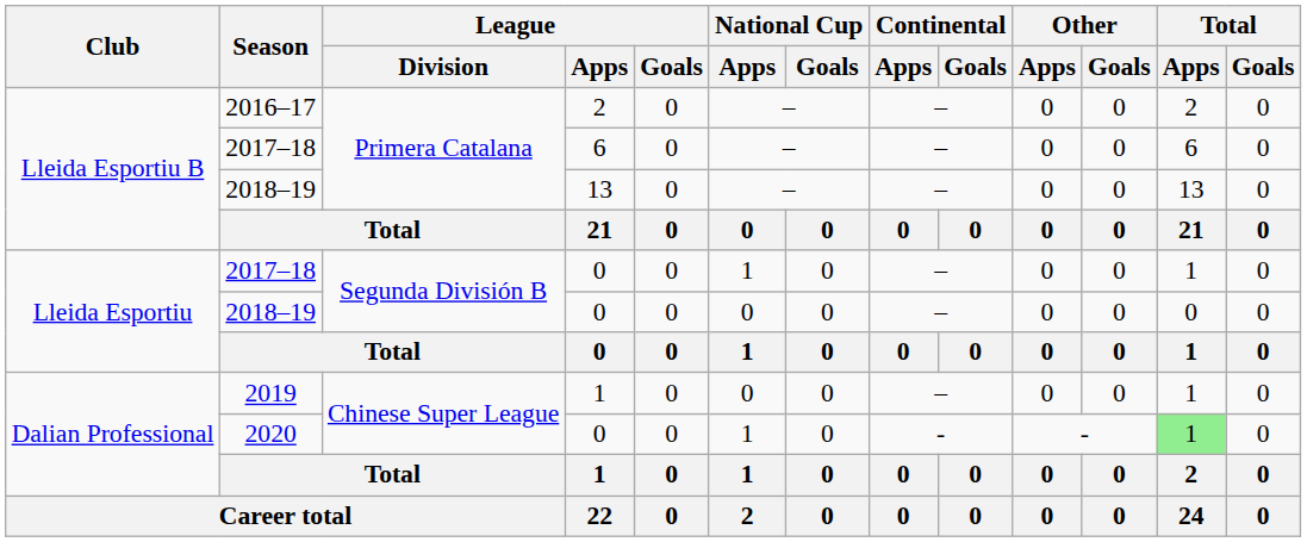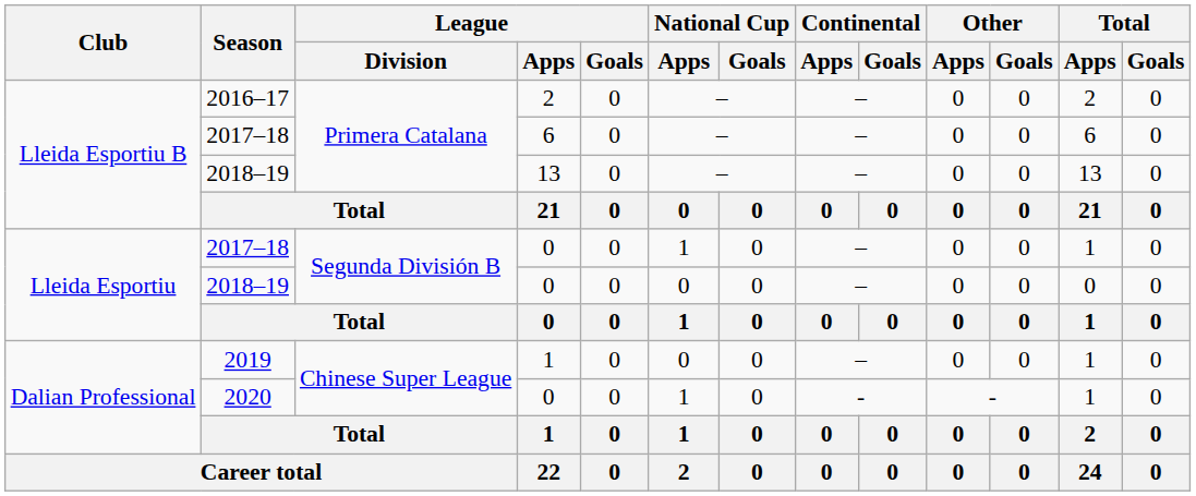 <table class="wikitable" style="text-align: center">
 <tr>
 <th rowspan="2">Club</th>
 <th rowspan="2">Season</th>
 <th colspan="3">League</th>
 <th colspan="2">National Cup</th>
 <th colspan="2">Continental</th>
 <th colspan="2">Other</th>
 <th colspan="2">Total</th>
 </tr>
 <tr>
 <th>Division</th>
 <th>Apps</th>
 <th>Goals</th>
 <th>Apps</th>
 <th>Goals</th>
 <th>Apps</th>
 <th>Goals</th>
 <th>Apps</th>
 <th>Goals</th>
 <th>Apps</th>
 <th>Goals</th>
 </tr>
 <tr>
 <td rowspan="4"><a href='#'>Lleida Esportiu B</a></td>
 <td>2016–17</td>
 <td rowspan="3"><a href='#'>Primera Catalana</a></td>
 <td>2</td>
 <td>0</td>
 <td colspan="2">–</td>
 <td colspan="2">–</td>
 <td>0</td>
 <td>0</td>
 <td>2</td>
 <td>0</td>
 </tr>
 <tr>
 <td>2017–18</td>
 <td>6</td>
 <td>0</td>
 <td colspan="2">–</td>
 <td colspan="2">–</td>
 <td>0</td>
 <td>0</td>
 <td>6</td>
 <td>0</td>
 </tr>
 <tr>
 <td>2018–19</td>
 <td>13</td>
 <td>0</td>
 <td colspan="2">–</td>
 <td colspan="2">–</td>
 <td>0</td>
 <td>0</td>
 <td>13</td>
 <td>0</td>
 </tr>
 <tr>
 <th colspan=2>Total</th>
 <th>21</th>
 <th>0</th>
 <th>0</th>
 <th>0</th>
 <th>0</th>
 <th>0</th>
 <th>0</th>
 <th>0</th>
 <th>21</th>
 <th>0</th>
 </tr>
 <tr>
 <td rowspan="3"><a href='#'>Lleida Esportiu</a></td>
 <td><a href='#'>2017–18</a></td>
 <td rowspan="2"><a href='#'>Segunda División B</a></td>
 <td>0</td>
 <td>0</td>
 <td>1</td>
 <td>0</td>
 <td colspan="2">–</td>
 <td>0</td>
 <td>0</td>
 <td>1</td>
 <td>0</td>
 </tr>
 <tr>
 <td><a href='#'>2018–19</a></td>
 <td>0</td>
 <td>0</td>
 <td>0</td>
 <td>0</td>
 <td colspan="2">–</td>
 <td>0</td>
 <td>0</td>
 <td>0</td>
 <td>0</td>
 </tr>
 <tr>
 <th colspan=2>Total</th>
 <th>0</th>
 <th>0</th>
 <th>1</th>
 <th>0</th>
 <th>0</th>
 <th>0</th>
 <th>0</th>
 <th>0</th>
 <th>1</th>
 <th>0</th>
 </tr>
 <tr>
 <td rowspan=3><a href='#'>Dalian Professional</a></td>
 <td><a href='#'>2019</a></td>
 <td rowspan=2><a href='#'>Chinese Super League</a></td>
 <td>1</td>
 <td>0</td>
 <td>0</td>
 <td>0</td>
 <td colspan="2">–</td>
 <td>0</td>
 <td>0</td>
 <td>1</td>
 <td>0</td>
 </tr>
 <tr>
 <td><a href='#'>2020</a></td>
 <td>0</td>
 <td>0</td>
 <td>1</td>
 <td>0</td>
 <td colspan="2">-</td>
 <td colspan="2">-</td>
-<td style="background: lightgreen;">1</td>
+<td>1</td>
 <td>0</td>
 </tr>
 <tr>
 <th colspan="2">Total</th>
 <th>1</th>
 <th>0</th>
 <th>1</th>
 <th>0</th>
 <th>0</th>
 <th>0</th>
 <th>0</th>
 <th>0</th>
 <th>2</th>
 <th>0</th>
 </tr>
 <tr>
 <th colspan=3>Career total</th>
 <th>22</th>
 <th>0</th>
 <th>2</th>
 <th>0</th>
 <th>0</th>
 <th>0</th>
 <th>0</th>
 <th>0</th>
 <th>24</th>
 <th>0</th>
 </tr>
 </table>
